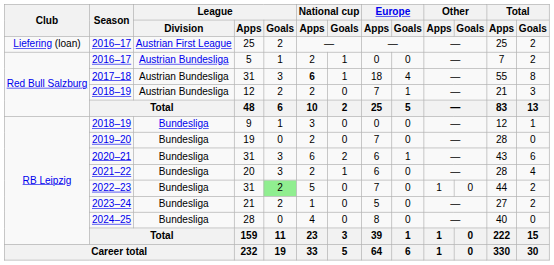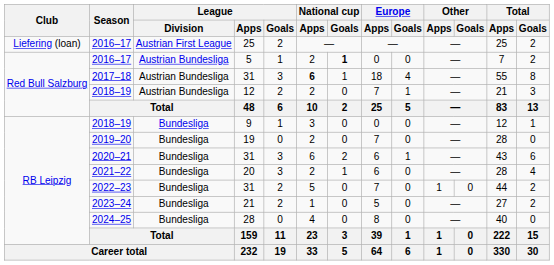 <table class="wikitable" style="text-align:center">
 <tr>
 <th rowspan="2">Club</th>
 <th rowspan="2">Season</th>
 <th colspan="3">League</th>
 <th colspan="2">National cup</th>
 <th colspan="2"><a href='#'>Europe</a></th>
 <th colspan="2">Other</th>
 <th colspan="2">Total</th>
 </tr>
 <tr>
 <th>Division</th>
 <th>Apps</th>
 <th>Goals</th>
 <th>Apps</th>
 <th>Goals</th>
 <th>Apps</th>
 <th>Goals</th>
 <th>Apps</th>
 <th>Goals</th>
 <th>Apps</th>
 <th>Goals</th>
 </tr>
 <tr>
 <td><a href='#'>Liefering</a> (loan)</td>
 <td><a href='#'>2016–17</a></td>
 <td><a href='#'>Austrian First League</a></td>
 <td>25</td>
 <td>2</td>
 <td colspan="2">—</td>
 <td colspan="2">—</td>
 <td colspan="2">—</td>
 <td>25</td>
 <td>2</td>
 </tr>
 <tr>
 <td rowspan="4"><a href='#'>Red Bull Salzburg</a></td>
 <td><a href='#'>2016–17</a></td>
 <td><a href='#'>Austrian Bundesliga</a></td>
 <td>5</td>
 <td>1</td>
 <td>2</td>
-<td>1</td>
+<td><strong>1</strong></td>
 <td>0</td>
 <td>0</td>
 <td colspan="2">—</td>
 <td>7</td>
 <td>2</td>
 </tr>
 <tr>
 <td><a href='#'>2017–18</a></td>
 <td>Austrian Bundesliga</td>
 <td>31</td>
 <td>3</td>
 <td><strong>6</strong></td>
 <td>1</td>
 <td>18</td>
 <td>4</td>
 <td colspan="2">—</td>
 <td>55</td>
 <td>8</td>
 </tr>
 <tr>
 <td><a href='#'>2018–19</a></td>
 <td>Austrian Bundesliga</td>
 <td>12</td>
 <td>2</td>
 <td>2</td>
 <td>0</td>
 <td>7</td>
 <td>1</td>
 <td colspan="2">—</td>
 <td>21</td>
 <td>3</td>
 </tr>
 <tr>
 <th colspan="2">Total</th>
 <th>48</th>
 <th>6</th>
 <th>10</th>
 <th>2</th>
 <th>25</th>
 <th>5</th>
 <th colspan="2">—</th>
 <th>83</th>
 <th>13</th>
 </tr>
 <tr>
 <td rowspan="8"><a href='#'>RB Leipzig</a></td>
 <td><a href='#'>2018–19</a></td>
 <td><a href='#'>Bundesliga</a></td>
 <td>9</td>
 <td>1</td>
 <td>3</td>
 <td>0</td>
 <td>0</td>
 <td>0</td>
 <td colspan="2">—</td>
 <td>12</td>
 <td>1</td>
 </tr>
 <tr>
 <td><a href='#'>2019–20</a></td>
 <td>Bundesliga</td>
 <td>19</td>
 <td>0</td>
 <td>2</td>
 <td>0</td>
 <td>7</td>
 <td>0</td>
 <td colspan="2">—</td>
 <td>28</td>
 <td>0</td>
 </tr>
 <tr>
 <td><a href='#'>2020–21</a></td>
 <td>Bundesliga</td>
 <td>31</td>
 <td>3</td>
 <td>6</td>
 <td>2</td>
 <td>6</td>
 <td>1</td>
 <td colspan="2">—</td>
 <td>43</td>
 <td>6</td>
 </tr>
 <tr>
 <td><a href='#'>2021–22</a></td>
 <td>Bundesliga</td>
 <td>20</td>
 <td>3</td>
 <td>2</td>
 <td>1</td>
 <td>6</td>
 <td>0</td>
 <td colspan="2">—</td>
 <td>28</td>
 <td>4</td>
 </tr>
 <tr>
 <td><a href='#'>2022–23</a></td>
 <td>Bundesliga</td>
 <td>31</td>
-<td style="background: lightgreen;">2</td>
+<td>2</td>
 <td>5</td>
 <td>0</td>
 <td>7</td>
 <td>0</td>
 <td>1</td>
 <td>0</td>
 <td>44</td>
 <td>2</td>
 </tr>
 <tr>
 <td><a href='#'>2023–24</a></td>
 <td>Bundesliga</td>
 <td>21</td>
 <td>2</td>
 <td>1</td>
 <td>0</td>
 <td>5</td>
 <td>0</td>
 <td colspan="2">—</td>
 <td>27</td>
 <td>2</td>
 </tr>
 <tr>
 <td><a href='#'>2024–25</a></td>
 <td>Bundesliga</td>
 <td>28</td>
 <td>0</td>
 <td>4</td>
 <td>0</td>
 <td>8</td>
 <td>0</td>
 <td colspan="2">—</td>
 <td>40</td>
 <td>0</td>
 </tr>
 <tr>
 <th colspan="2">Total</th>
 <th>159</th>
 <th>11</th>
 <th>23</th>
 <th>3</th>
 <th>39</th>
 <th>1</th>
 <th>1</th>
 <th>0</th>
 <th>222</th>
 <th>15</th>
 </tr>
 <tr>
 <th colspan="3">Career total</th>
 <th>232</th>
 <th>19</th>
 <th>33</th>
 <th>5</th>
 <th>64</th>
 <th>6</th>
 <th>1</th>
 <th>0</th>
 <th>330</th>
 <th>30</th>
 </tr>
 </table>
